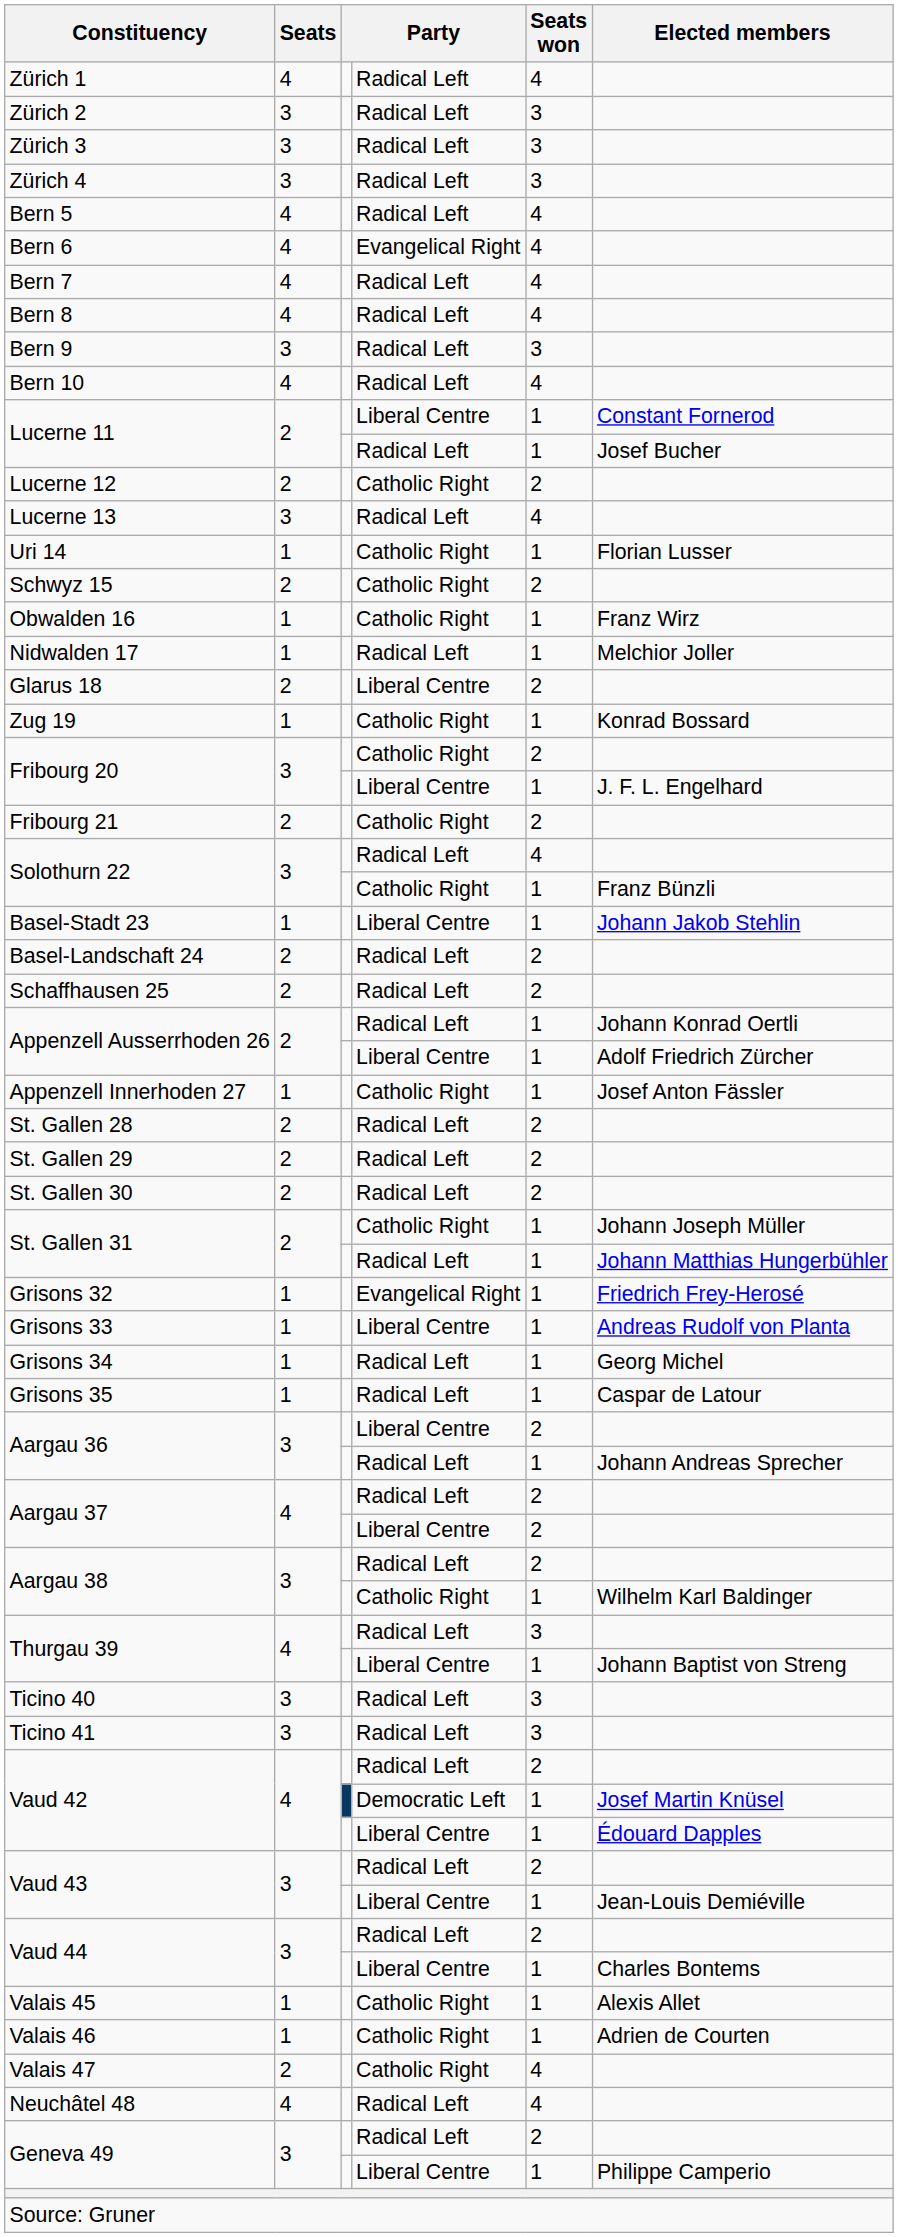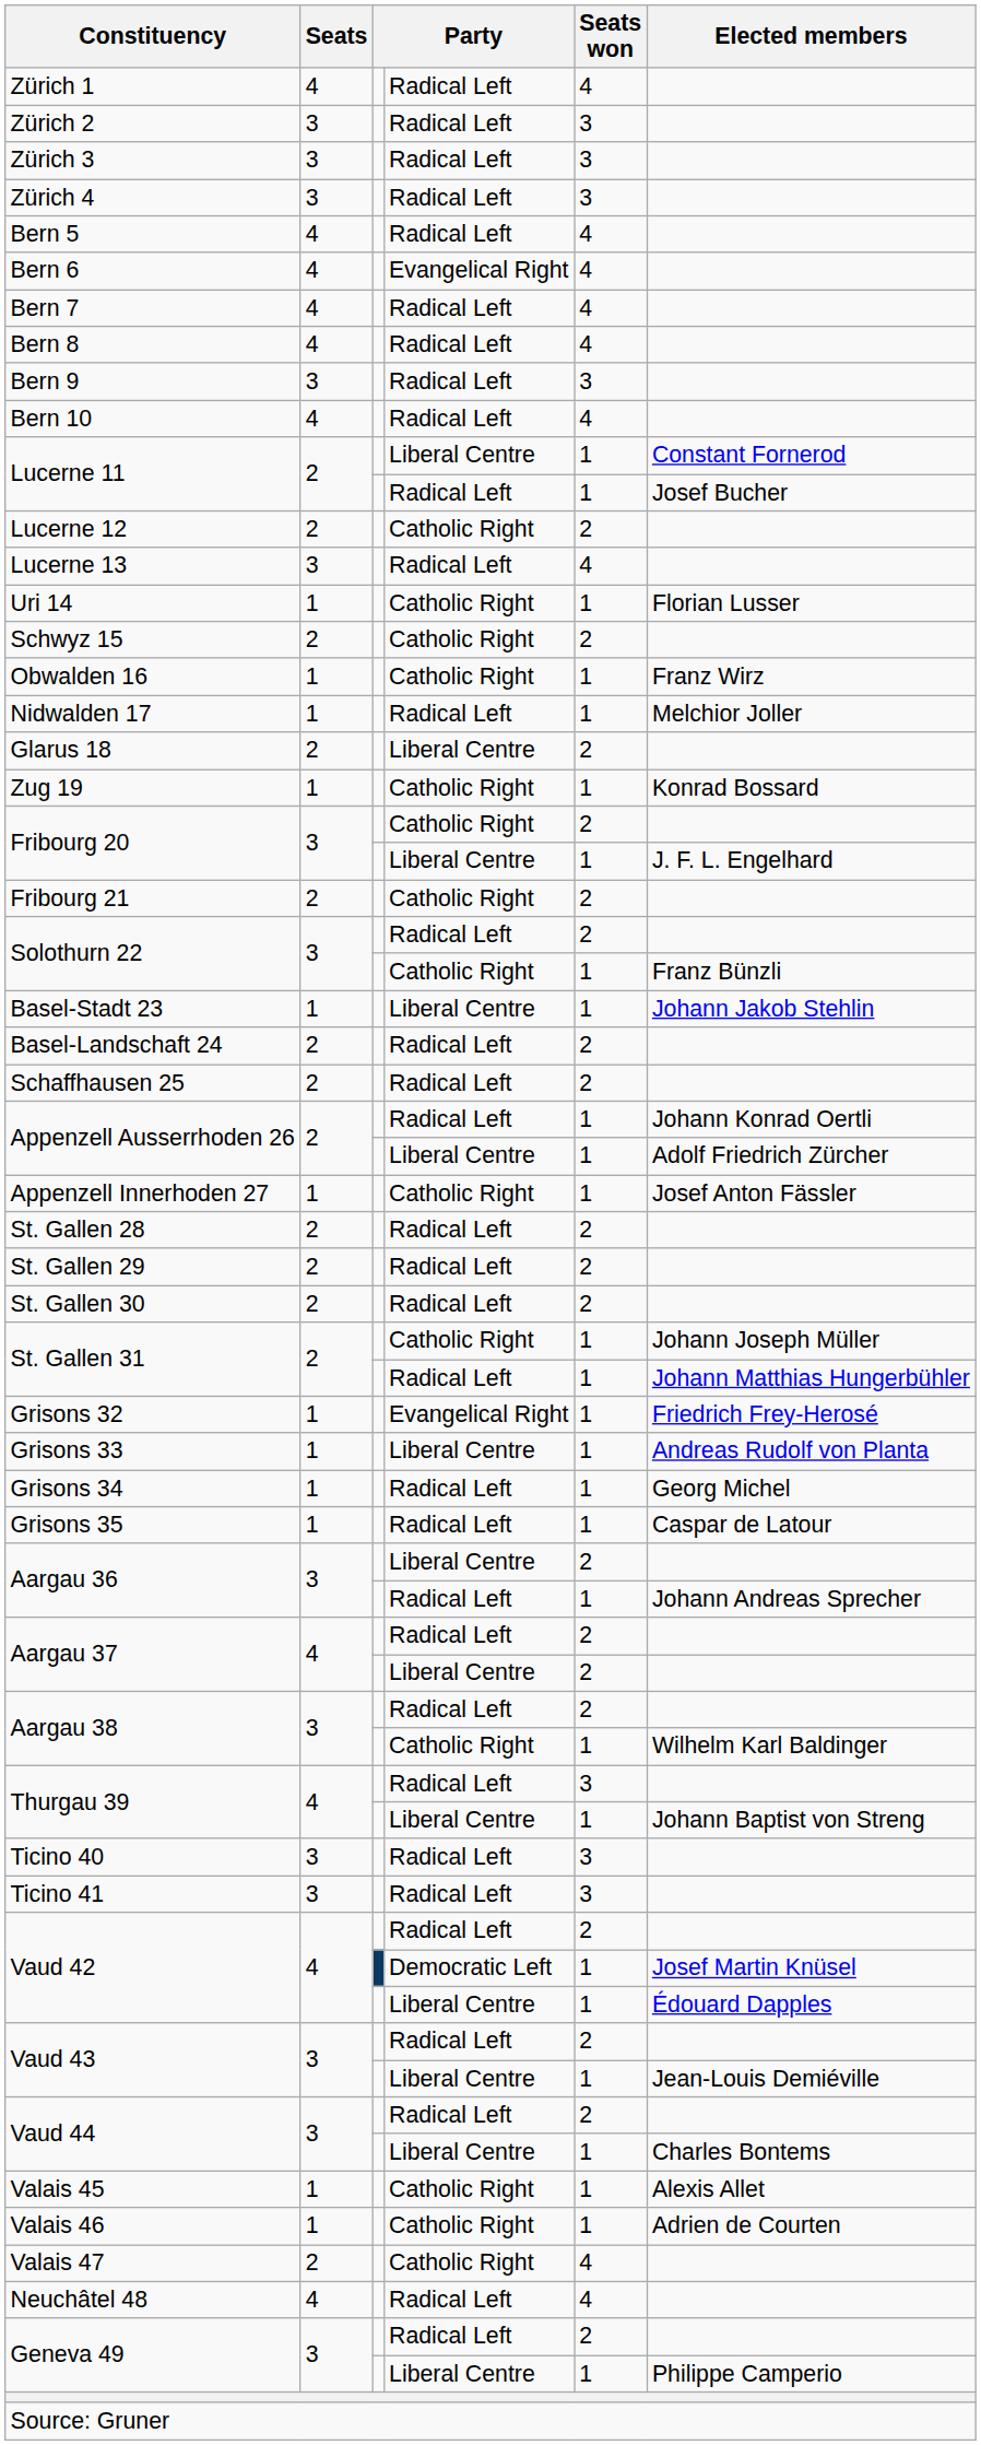 <table class="wikitable">
 <tr>
 <th>Constituency</th>
 <th>Seats</th>
 <th colspan="2">Party</th>
 <th>Seats<br>won</th>
 <th>Elected members</th>
 </tr>
 <tr>
 <td>Zürich 1</td>
 <td>4</td>
 <td style="color:inherit;background:"></td>
 <td>Radical Left</td>
 <td>4</td>
 <td></td>
 </tr>
 <tr>
 <td>Zürich 2</td>
 <td>3</td>
 <td style="color:inherit;background:"></td>
 <td>Radical Left</td>
 <td>3</td>
 <td></td>
 </tr>
 <tr>
 <td>Zürich 3</td>
 <td>3</td>
 <td style="color:inherit;background:"></td>
 <td>Radical Left</td>
 <td>3</td>
 <td></td>
 </tr>
 <tr>
 <td>Zürich 4</td>
 <td>3</td>
 <td style="color:inherit;background:"></td>
 <td>Radical Left</td>
 <td>3</td>
 <td></td>
 </tr>
 <tr>
 <td>Bern 5</td>
 <td>4</td>
 <td style="color:inherit;background:"></td>
 <td>Radical Left</td>
 <td>4</td>
 <td></td>
 </tr>
 <tr>
 <td>Bern 6</td>
 <td>4</td>
 <td style="color:inherit;background:"></td>
 <td>Evangelical Right</td>
 <td>4</td>
 <td></td>
 </tr>
 <tr>
 <td>Bern 7</td>
 <td>4</td>
 <td style="color:inherit;background:"></td>
 <td>Radical Left</td>
 <td>4</td>
 <td></td>
 </tr>
 <tr>
 <td>Bern 8</td>
 <td>4</td>
 <td style="color:inherit;background:"></td>
 <td>Radical Left</td>
 <td>4</td>
 <td></td>
 </tr>
 <tr>
 <td>Bern 9</td>
 <td>3</td>
 <td style="color:inherit;background:"></td>
 <td>Radical Left</td>
 <td>3</td>
 <td></td>
 </tr>
 <tr>
 <td>Bern 10</td>
 <td>4</td>
 <td style="color:inherit;background:"></td>
 <td>Radical Left</td>
 <td>4</td>
 <td></td>
 </tr>
 <tr>
 <td rowspan="2">Lucerne 11</td>
 <td rowspan="2">2</td>
 <td style="color:inherit;background:"></td>
 <td>Liberal Centre</td>
 <td>1</td>
 <td><a href='#'>Constant Fornerod</a></td>
 </tr>
 <tr>
 <td style="color:inherit;background:"></td>
 <td>Radical Left</td>
 <td>1</td>
 <td>Josef Bucher</td>
 </tr>
 <tr>
 <td>Lucerne 12</td>
 <td>2</td>
 <td style="color:inherit;background:"></td>
 <td>Catholic Right</td>
 <td>2</td>
 <td></td>
 </tr>
 <tr>
 <td>Lucerne 13</td>
 <td>3</td>
 <td style="color:inherit;background:"></td>
 <td>Radical Left</td>
 <td>4</td>
 <td></td>
 </tr>
 <tr>
 <td>Uri 14</td>
 <td>1</td>
 <td style="color:inherit;background:"></td>
 <td>Catholic Right</td>
 <td>1</td>
 <td>Florian Lusser</td>
 </tr>
 <tr>
 <td>Schwyz 15</td>
 <td>2</td>
 <td style="color:inherit;background:"></td>
 <td>Catholic Right</td>
 <td>2</td>
 <td></td>
 </tr>
 <tr>
 <td>Obwalden 16</td>
 <td>1</td>
 <td style="color:inherit;background:"></td>
 <td>Catholic Right</td>
 <td>1</td>
 <td>Franz Wirz</td>
 </tr>
 <tr>
 <td>Nidwalden 17</td>
 <td>1</td>
 <td style="color:inherit;background:"></td>
 <td>Radical Left</td>
 <td>1</td>
 <td>Melchior Joller</td>
 </tr>
 <tr>
 <td>Glarus 18</td>
 <td>2</td>
 <td style="color:inherit;background:"></td>
 <td>Liberal Centre</td>
 <td>2</td>
 <td></td>
 </tr>
 <tr>
 <td>Zug 19</td>
 <td>1</td>
 <td style="color:inherit;background:"></td>
 <td>Catholic Right</td>
 <td>1</td>
 <td>Konrad Bossard</td>
 </tr>
 <tr>
 <td rowspan="2">Fribourg 20</td>
 <td rowspan="2">3</td>
 <td style="color:inherit;background:"></td>
 <td>Catholic Right</td>
 <td>2</td>
 <td></td>
 </tr>
 <tr>
 <td style="color:inherit;background:"></td>
 <td>Liberal Centre</td>
 <td>1</td>
 <td>J. F. L. Engelhard</td>
 </tr>
 <tr>
 <td>Fribourg 21</td>
 <td>2</td>
 <td style="color:inherit;background:"></td>
 <td>Catholic Right</td>
 <td>2</td>
 <td></td>
 </tr>
 <tr>
 <td rowspan="2">Solothurn 22</td>
 <td rowspan="2">3</td>
 <td style="color:inherit;background:"></td>
 <td>Radical Left</td>
-<td>4</td>
+<td>2</td>
 <td></td>
 </tr>
 <tr>
 <td style="color:inherit;background:"></td>
 <td>Catholic Right</td>
 <td>1</td>
 <td>Franz Bünzli</td>
 </tr>
 <tr>
 <td>Basel-Stadt 23</td>
 <td>1</td>
 <td style="color:inherit;background:"></td>
 <td>Liberal Centre</td>
 <td>1</td>
 <td><a href='#'>Johann Jakob Stehlin</a></td>
 </tr>
 <tr>
 <td>Basel-Landschaft 24</td>
 <td>2</td>
 <td style="color:inherit;background:"></td>
 <td>Radical Left</td>
 <td>2</td>
 <td></td>
 </tr>
 <tr>
 <td>Schaffhausen 25</td>
 <td>2</td>
 <td style="color:inherit;background:"></td>
 <td>Radical Left</td>
 <td>2</td>
 <td></td>
 </tr>
 <tr>
 <td rowspan="2">Appenzell Ausserrhoden 26</td>
 <td rowspan="2">2</td>
 <td style="color:inherit;background:"></td>
 <td>Radical Left</td>
 <td>1</td>
 <td>Johann Konrad Oertli</td>
 </tr>
 <tr>
 <td style="color:inherit;background:"></td>
 <td>Liberal Centre</td>
 <td>1</td>
 <td>Adolf Friedrich Zürcher</td>
 </tr>
 <tr>
 <td>Appenzell Innerhoden 27</td>
 <td>1</td>
 <td style="color:inherit;background:"></td>
 <td>Catholic Right</td>
 <td>1</td>
 <td>Josef Anton Fässler</td>
 </tr>
 <tr>
 <td>St. Gallen 28</td>
 <td>2</td>
 <td style="color:inherit;background:"></td>
 <td>Radical Left</td>
 <td>2</td>
 <td></td>
 </tr>
 <tr>
 <td>St. Gallen 29</td>
 <td>2</td>
 <td style="color:inherit;background:"></td>
 <td>Radical Left</td>
 <td>2</td>
 <td></td>
 </tr>
 <tr>
 <td>St. Gallen 30</td>
 <td>2</td>
 <td style="color:inherit;background:"></td>
 <td>Radical Left</td>
 <td>2</td>
 <td></td>
 </tr>
 <tr>
 <td rowspan="2">St. Gallen 31</td>
 <td rowspan="2">2</td>
 <td style="color:inherit;background:"></td>
 <td>Catholic Right</td>
 <td>1</td>
 <td>Johann Joseph Müller</td>
 </tr>
 <tr>
 <td style="color:inherit;background:"></td>
 <td>Radical Left</td>
 <td>1</td>
 <td><a href='#'>Johann Matthias Hungerbühler</a></td>
 </tr>
 <tr>
 <td>Grisons 32</td>
 <td>1</td>
 <td style="color:inherit;background:"></td>
 <td>Evangelical Right</td>
 <td>1</td>
 <td><a href='#'>Friedrich Frey-Herosé</a></td>
 </tr>
 <tr>
 <td>Grisons 33</td>
 <td>1</td>
 <td style="color:inherit;background:"></td>
 <td>Liberal Centre</td>
 <td>1</td>
 <td><a href='#'>Andreas Rudolf von Planta</a></td>
 </tr>
 <tr>
 <td>Grisons 34</td>
 <td>1</td>
 <td style="color:inherit;background:"></td>
 <td>Radical Left</td>
 <td>1</td>
 <td>Georg Michel</td>
 </tr>
 <tr>
 <td>Grisons 35</td>
 <td>1</td>
 <td style="color:inherit;background:"></td>
 <td>Radical Left</td>
 <td>1</td>
 <td>Caspar de Latour</td>
 </tr>
 <tr>
 <td rowspan="2">Aargau 36</td>
 <td rowspan="2">3</td>
 <td style="color:inherit;background:"></td>
 <td>Liberal Centre</td>
 <td>2</td>
 <td></td>
 </tr>
 <tr>
 <td style="color:inherit;background:"></td>
 <td>Radical Left</td>
 <td>1</td>
 <td>Johann Andreas Sprecher</td>
 </tr>
 <tr>
 <td rowspan="2">Aargau 37</td>
 <td rowspan="2">4</td>
 <td style="color:inherit;background:"></td>
 <td>Radical Left</td>
 <td>2</td>
 <td></td>
 </tr>
 <tr>
 <td style="color:inherit;background:"></td>
 <td>Liberal Centre</td>
 <td>2</td>
 <td></td>
 </tr>
 <tr>
 <td rowspan="2">Aargau 38</td>
 <td rowspan="2">3</td>
 <td style="color:inherit;background:"></td>
 <td>Radical Left</td>
 <td>2</td>
 <td></td>
 </tr>
 <tr>
 <td style="color:inherit;background:"></td>
 <td>Catholic Right</td>
 <td>1</td>
 <td>Wilhelm Karl Baldinger</td>
 </tr>
 <tr>
 <td rowspan="2">Thurgau 39</td>
 <td rowspan="2">4</td>
 <td style="color:inherit;background:"></td>
 <td>Radical Left</td>
 <td>3</td>
 <td></td>
 </tr>
 <tr>
 <td style="color:inherit;background:"></td>
 <td>Liberal Centre</td>
 <td>1</td>
 <td>Johann Baptist von Streng</td>
 </tr>
 <tr>
 <td>Ticino 40</td>
 <td>3</td>
 <td style="color:inherit;background:"></td>
 <td>Radical Left</td>
 <td>3</td>
 <td></td>
 </tr>
 <tr>
 <td>Ticino 41</td>
 <td>3</td>
 <td style="color:inherit;background:"></td>
 <td>Radical Left</td>
 <td>3</td>
 <td></td>
 </tr>
 <tr>
 <td rowspan="3">Vaud 42</td>
 <td rowspan="3">4</td>
 <td style="color:inherit;background:"></td>
 <td>Radical Left</td>
 <td>2</td>
 <td></td>
 </tr>
 <tr>
 <td style="color:inherit;background:#0B3861"></td>
 <td>Democratic Left</td>
 <td>1</td>
 <td><a href='#'>Josef Martin Knüsel</a></td>
 </tr>
 <tr>
 <td style="color:inherit;background:"></td>
 <td>Liberal Centre</td>
 <td>1</td>
 <td><a href='#'>Édouard Dapples</a></td>
 </tr>
 <tr>
 <td rowspan="2">Vaud 43</td>
 <td rowspan="2">3</td>
 <td style="color:inherit;background:"></td>
 <td>Radical Left</td>
 <td>2</td>
 <td></td>
 </tr>
 <tr>
 <td style="color:inherit;background:"></td>
 <td>Liberal Centre</td>
 <td>1</td>
 <td>Jean-Louis Demiéville</td>
 </tr>
 <tr>
 <td rowspan="2">Vaud 44</td>
 <td rowspan="2">3</td>
 <td style="color:inherit;background:"></td>
 <td>Radical Left</td>
 <td>2</td>
 <td></td>
 </tr>
 <tr>
 <td style="color:inherit;background:"></td>
 <td>Liberal Centre</td>
 <td>1</td>
 <td>Charles Bontems</td>
 </tr>
 <tr>
 <td>Valais 45</td>
 <td>1</td>
 <td style="color:inherit;background:"></td>
 <td>Catholic Right</td>
 <td>1</td>
 <td>Alexis Allet</td>
 </tr>
 <tr>
 <td>Valais 46</td>
 <td>1</td>
 <td style="color:inherit;background:"></td>
 <td>Catholic Right</td>
 <td>1</td>
 <td>Adrien de Courten</td>
 </tr>
 <tr>
 <td>Valais 47</td>
 <td>2</td>
 <td style="color:inherit;background:"></td>
 <td>Catholic Right</td>
 <td>4</td>
 <td></td>
 </tr>
 <tr>
 <td>Neuchâtel 48</td>
 <td>4</td>
 <td style="color:inherit;background:"></td>
 <td>Radical Left</td>
 <td>4</td>
 <td></td>
 </tr>
 <tr>
 <td rowspan="2">Geneva 49</td>
 <td rowspan="2">3</td>
 <td style="color:inherit;background:"></td>
 <td>Radical Left</td>
 <td>2</td>
 <td></td>
 </tr>
 <tr>
 <td style="color:inherit;background:"></td>
 <td>Liberal Centre</td>
 <td>1</td>
 <td>Philippe Camperio</td>
 </tr>
 <tr>
 <th colspan="6"></th>
 </tr>
 <tr>
 <td colspan="6">Source: Gruner</td>
 </tr>
 </table>
